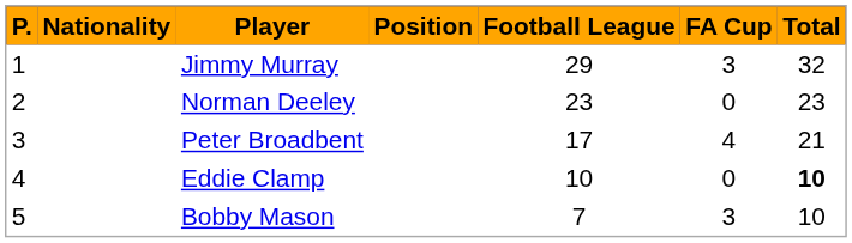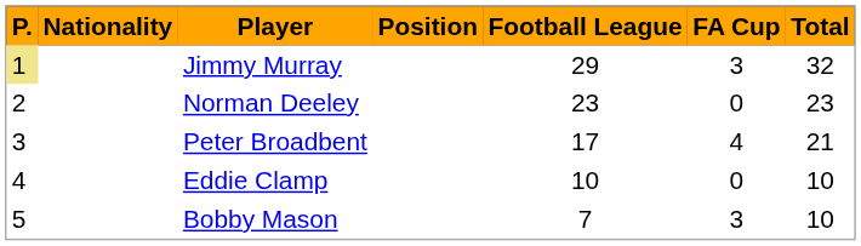 <table cellspacing="0" cellpadding="3" style="border:1px solid #AAAAAA;font-size:90%">
 <tr bgcolor="#191970">
 <th style=background:orange; align="center"><span>P.</span></th>
 <th style=background:orange; align="center"><span>Nationality</span></th>
 <th style=background:orange; align="center"><span>Player</span></th>
 <th style=background:orange; align="center"><span>Position</span></th>
 <th style=background:orange; align="center"><span>Football League</span></th>
 <th style=background:orange; align="center"><span>FA Cup</span></th>
 <th style=background:orange; align="center"><span>Total</span></th>
 </tr>
 <tr>
-<td>1</td>
+<td style="background: khaki;">1</td>
 <td></td>
 <td><a href='#'>Jimmy Murray</a></td>
 <td></td>
 <td align="center">29</td>
 <td align="center">3</td>
 <td align="center">32</td>
 </tr>
 <tr>
 <td>2</td>
 <td></td>
 <td><a href='#'>Norman Deeley</a></td>
 <td></td>
 <td align="center">23</td>
 <td align="center">0</td>
 <td align="center">23</td>
 </tr>
 <tr>
 <td>3</td>
 <td></td>
 <td><a href='#'>Peter Broadbent</a></td>
 <td></td>
 <td align="center">17</td>
 <td align="center">4</td>
 <td align="center">21</td>
 </tr>
 <tr>
 <td>4</td>
 <td></td>
 <td><a href='#'>Eddie Clamp</a></td>
 <td></td>
 <td align="center">10</td>
 <td align="center">0</td>
-<td align="center"><strong>10</strong></td>
+<td align="center">10</td>
 </tr>
 <tr>
 <td>5</td>
 <td></td>
 <td><a href='#'>Bobby Mason</a></td>
 <td></td>
 <td align="center">7</td>
 <td align="center">3</td>
 <td align="center">10</td>
 </tr>
 <tr>
 </tr>
 </table>
